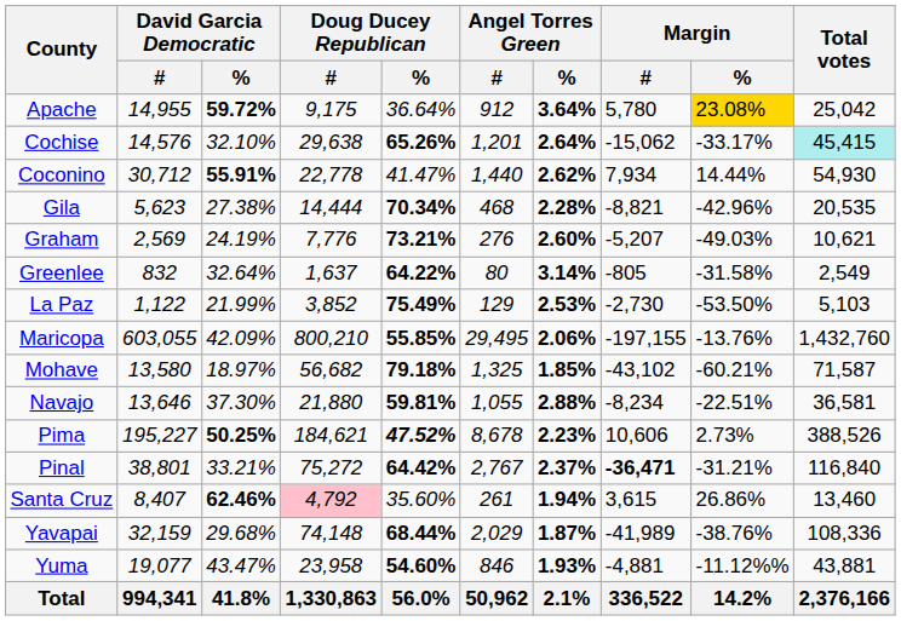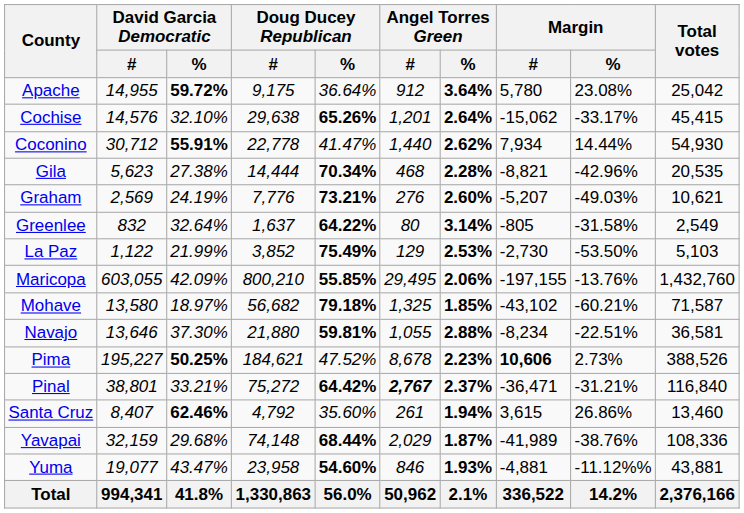 <table class="wikitable sortable">
 <tr>
 <th colspan="1" rowspan="2" style="text-align:center">County</th>
 <th colspan="2" >David Garcia<br><em>Democratic</em></th>
 <th colspan="2" >Doug Ducey<br><em>Republican</em></th>
 <th colspan="2" >Angel Torres<br><em>Green</em></th>
 <th colspan="2">Margin</th>
 <th colspan="1" rowspan="2" style="text-align: center;">Total<br>votes</th>
 </tr>
 <tr>
 <th colspan="1" >#</th>
 <th colspan="1" >%</th>
 <th colspan="1" >#</th>
 <th colspan="1" >%</th>
 <th colspan="1" >#</th>
 <th colspan="1" >%</th>
 <th>#</th>
 <th>%</th>
 </tr>
 <tr>
 <td align="center" ><a href='#'>Apache</a></td>
 <td align="center"><em>14,955</em></td>
 <td align="center"><strong>59.72%</strong></td>
 <td align="center"><em>9,175</em></td>
 <td align="center"><em>36.64%</em></td>
 <td align="center"><em>912</em></td>
 <td align="center"><strong>3.64%</strong></td>
 <td>5,780</td>
-<td style="background: gold;">23.08%</td>
+<td>23.08%</td>
 <td align="center">25,042</td>
 </tr>
 <tr>
 <td align="center" ><a href='#'>Cochise</a></td>
 <td align="center"><em>14,576</em></td>
 <td align="center"><em>32.10%</em></td>
 <td align="center"><em>29,638</em></td>
 <td align="center"><strong>65.26%</strong></td>
 <td align="center"><em>1,201</em></td>
 <td align="center"><strong>2.64%</strong></td>
 <td>-15,062</td>
 <td>-33.17%</td>
-<td align="center" style="background: paleturquoise;">45,415</td>
+<td align="center">45,415</td>
 </tr>
 <tr>
 <td align="center" ><a href='#'>Coconino</a></td>
 <td align="center"><em>30,712</em></td>
 <td align="center"><strong>55.91%</strong></td>
 <td align="center"><em>22,778</em></td>
 <td align="center"><em>41.47%</em></td>
 <td align="center"><em>1,440</em></td>
 <td align="center"><strong>2.62%</strong></td>
 <td>7,934</td>
 <td>14.44%</td>
 <td align="center">54,930</td>
 </tr>
 <tr>
 <td align="center" ><a href='#'>Gila</a></td>
 <td align="center"><em>5,623</em></td>
 <td align="center"><em>27.38%</em></td>
 <td align="center"><em>14,444</em></td>
 <td align="center"><strong>70.34%</strong></td>
 <td align="center"><em>468</em></td>
 <td align="center"><strong>2.28%</strong></td>
 <td>-8,821</td>
 <td>-42.96%</td>
 <td align="center">20,535</td>
 </tr>
 <tr>
 <td align="center" ><a href='#'>Graham</a></td>
 <td align="center"><em>2,569</em></td>
 <td align="center"><em>24.19%</em></td>
 <td align="center"><em>7,776</em></td>
 <td align="center"><strong>73.21%</strong></td>
 <td align="center"><em>276</em></td>
 <td align="center"><strong>2.60%</strong></td>
 <td>-5,207</td>
 <td>-49.03%</td>
 <td align="center">10,621</td>
 </tr>
 <tr>
 <td align="center" ><a href='#'>Greenlee</a></td>
 <td align="center"><em>832</em></td>
 <td align="center"><em>32.64%</em></td>
 <td align="center"><em>1,637</em></td>
 <td align="center"><strong>64.22%</strong></td>
 <td align="center"><em>80</em></td>
 <td align="center"><strong>3.14%</strong></td>
 <td>-805</td>
 <td>-31.58%</td>
 <td align="center">2,549</td>
 </tr>
 <tr>
 <td align="center" ><a href='#'>La Paz</a></td>
 <td align="center"><em>1,122</em></td>
 <td align="center"><em>21.99%</em></td>
 <td align="center"><em>3,852</em></td>
 <td align="center"><strong>75.49%</strong></td>
 <td align="center"><em>129</em></td>
 <td align="center"><strong>2.53%</strong></td>
 <td>-2,730</td>
 <td>-53.50%</td>
 <td align="center">5,103</td>
 </tr>
 <tr>
 <td align="center" ><a href='#'>Maricopa</a></td>
 <td align="center"><em>603,055</em></td>
 <td align="center"><em>42.09%</em></td>
 <td align="center"><em>800,210</em></td>
 <td align="center"><strong>55.85%</strong></td>
 <td align="center"><em>29,495</em></td>
 <td align="center"><strong>2.06%</strong></td>
 <td>-197,155</td>
 <td>-13.76%</td>
 <td>1,432,760</td>
 </tr>
 <tr>
 <td align="center" ><a href='#'>Mohave</a></td>
 <td align="center"><em>13,580</em></td>
 <td align="center"><em>18.97%</em></td>
 <td align="center"><em>56,682</em></td>
 <td align="center"><strong>79.18%</strong></td>
 <td align="center"><em>1,325</em></td>
 <td align="center"><strong>1.85%</strong></td>
 <td>-43,102</td>
 <td>-60.21%</td>
 <td align="center">71,587</td>
 </tr>
 <tr>
 <td align="center" ><a href='#'>Navajo</a></td>
 <td align="center"><em>13,646</em></td>
 <td align="center"><em>37.30%</em></td>
 <td align="center"><em>21,880</em></td>
 <td align="center"><strong>59.81%</strong></td>
 <td align="center"><em>1,055</em></td>
 <td align="center"><strong>2.88%</strong></td>
 <td>-8,234</td>
 <td>-22.51%</td>
 <td align="center">36,581</td>
 </tr>
 <tr>
 <td align="center" ><a href='#'>Pima</a></td>
 <td align="center"><em>195,227</em></td>
 <td align="center"><strong>50.25%</strong></td>
 <td align="center"><em>184,621</em></td>
-<td align="center"><strong><em>47.52%</em></strong></td>
+<td align="center"><em>47.52%</em></td>
 <td align="center"><em>8,678</em></td>
 <td align="center"><strong>2.23%</strong></td>
-<td>10,606</td>
+<td><strong>10,606</strong></td>
 <td>2.73%</td>
 <td align="center">388,526</td>
 </tr>
 <tr>
 <td align="center" ><a href='#'>Pinal</a></td>
 <td align="center"><em>38,801</em></td>
 <td align="center"><em>33.21%</em></td>
 <td align="center"><em>75,272</em></td>
 <td align="center"><strong>64.42%</strong></td>
-<td align="center"><em>2,767</em></td>
+<td align="center"><strong><em>2,767</em></strong></td>
 <td align="center"><strong>2.37%</strong></td>
-<td><strong>-36,471</strong></td>
+<td>-36,471</td>
 <td>-31.21%</td>
 <td align="center">116,840</td>
 </tr>
 <tr>
 <td align="center" ><a href='#'>Santa Cruz</a></td>
 <td align="center"><em>8,407</em></td>
 <td align="center"><strong>62.46%</strong></td>
-<td align="center" style="background: pink;"><em>4,792</em></td>
+<td align="center"><em>4,792</em></td>
 <td align="center"><em>35.60%</em></td>
 <td align="center"><em>261</em></td>
 <td align="center"><strong>1.94%</strong></td>
 <td>3,615</td>
 <td>26.86%</td>
 <td align="center">13,460</td>
 </tr>
 <tr>
 <td align="center" ><a href='#'>Yavapai</a></td>
 <td align="center"><em>32,159</em></td>
 <td align="center"><em>29.68%</em></td>
 <td align="center"><em>74,148</em></td>
 <td align="center"><strong>68.44%</strong></td>
 <td align="center"><em>2,029</em></td>
 <td align="center"><strong>1.87%</strong></td>
 <td>-41,989</td>
 <td>-38.76%</td>
 <td align="center">108,336</td>
 </tr>
 <tr>
 <td align="center" ><a href='#'>Yuma</a></td>
 <td align="center"><em>19,077</em></td>
 <td align="center"><em>43.47%</em></td>
 <td align="center"><em>23,958</em></td>
 <td align="center"><strong>54.60%</strong></td>
 <td align="center"><em>846</em></td>
 <td align="center"><strong>1.93%</strong></td>
 <td>-4,881</td>
 <td>-11.12%%</td>
 <td align="center">43,881</td>
 </tr>
 <tr>
 <th>Total</th>
 <th>994,341</th>
 <th>41.8%</th>
 <th>1,330,863</th>
 <th>56.0%</th>
 <th>50,962</th>
 <th>2.1%</th>
 <th>336,522</th>
 <th>14.2%</th>
 <th>2,376,166</th>
 </tr>
 </table>
